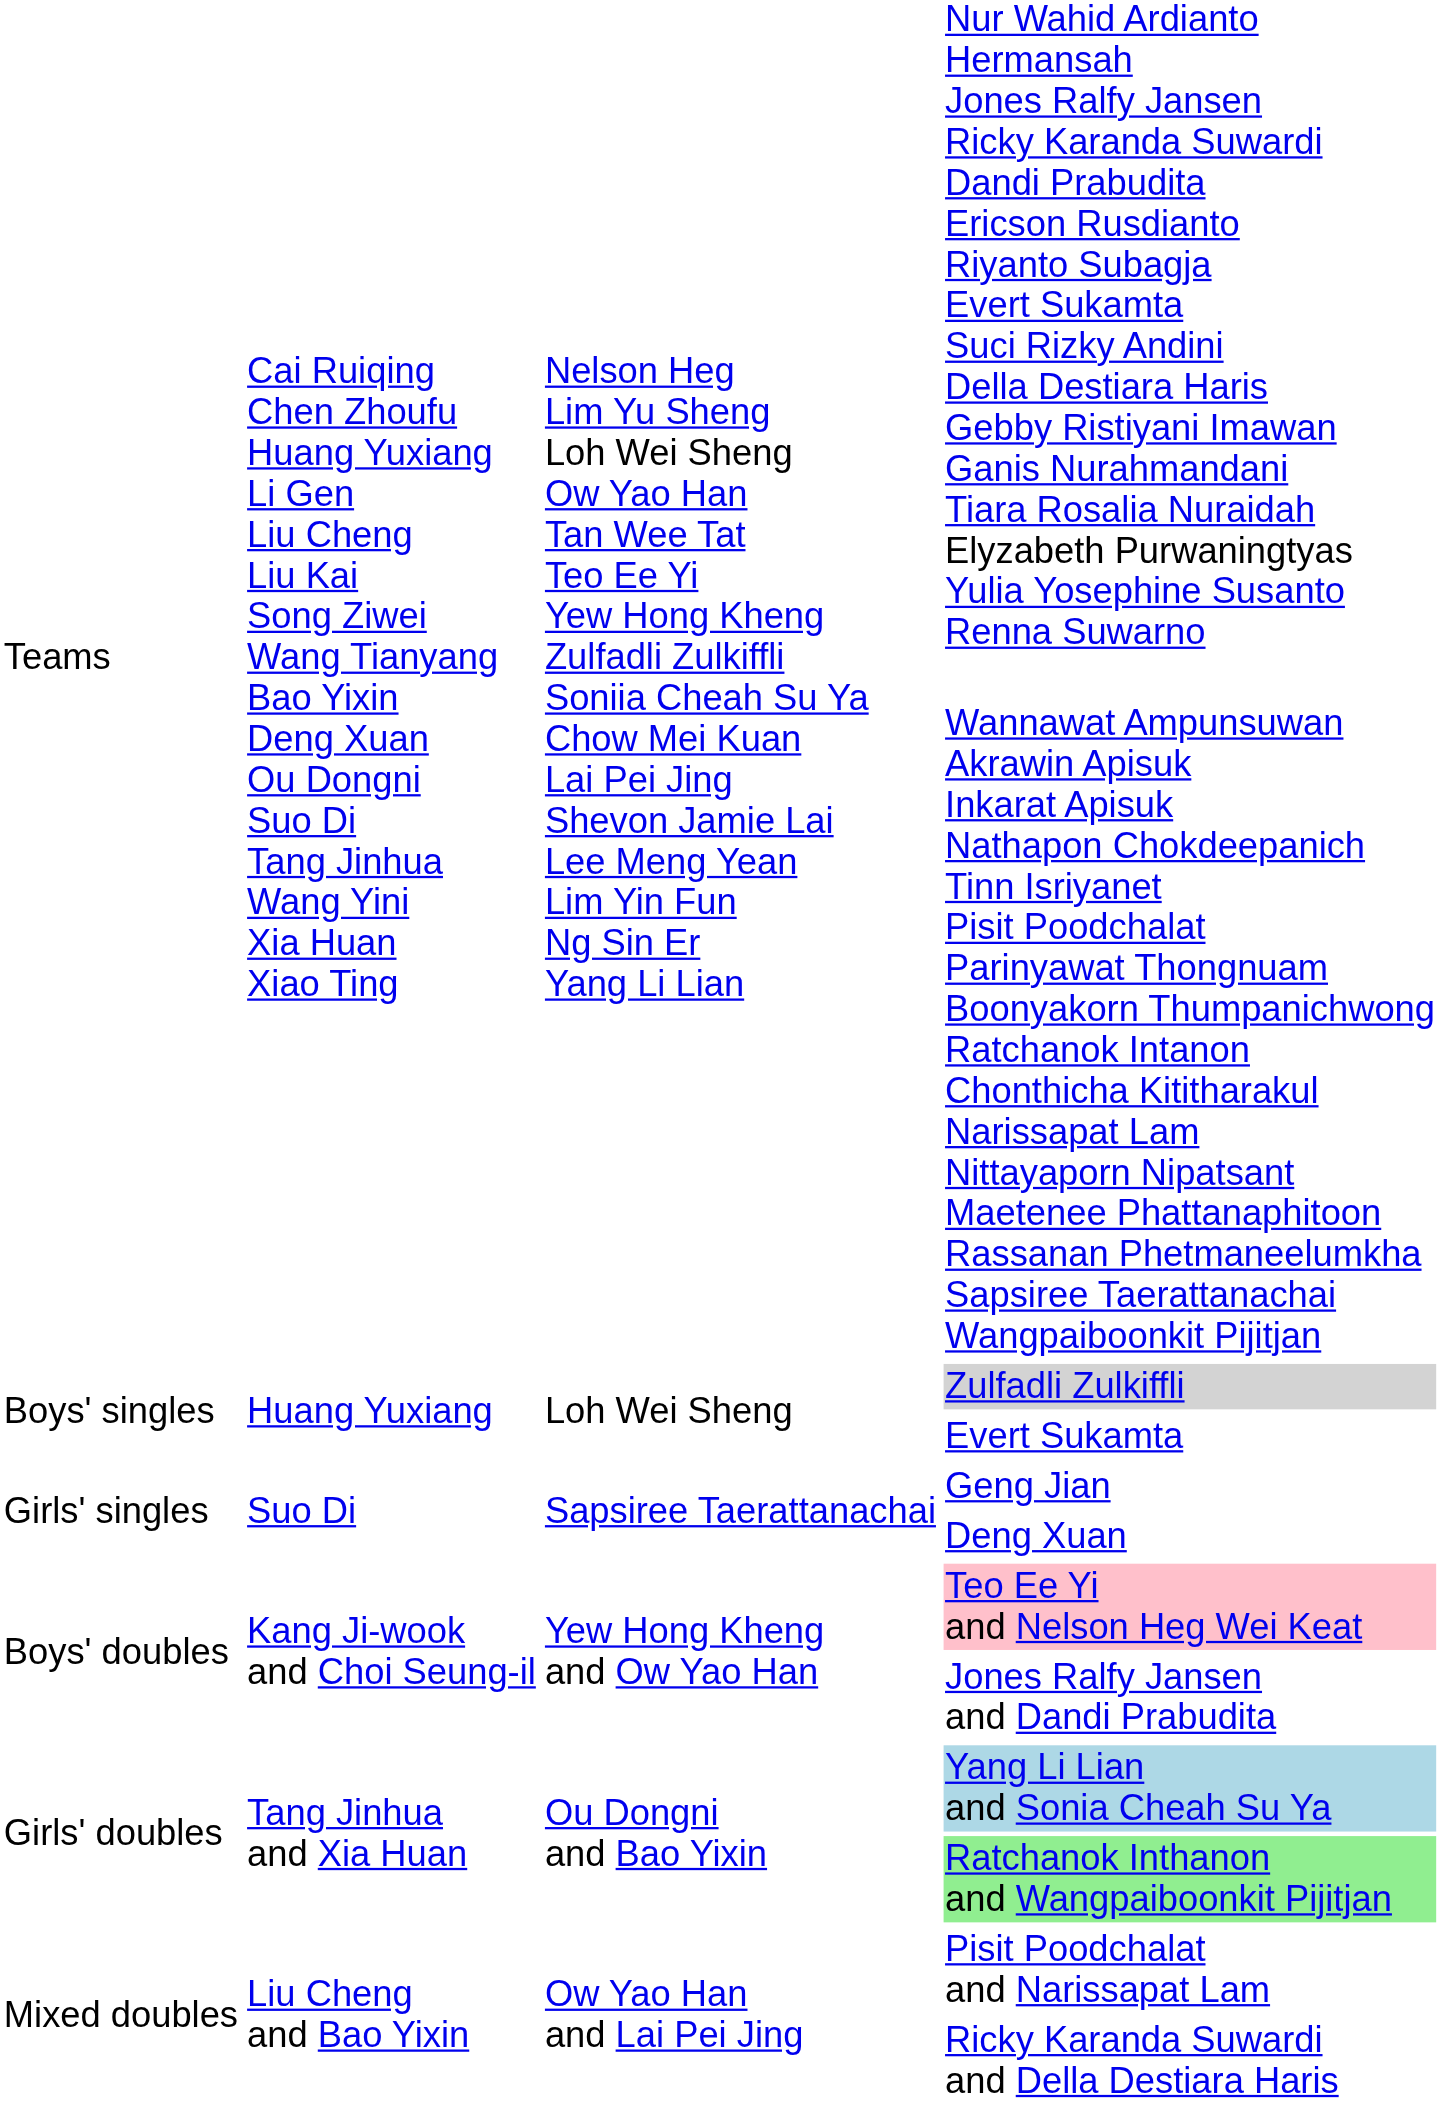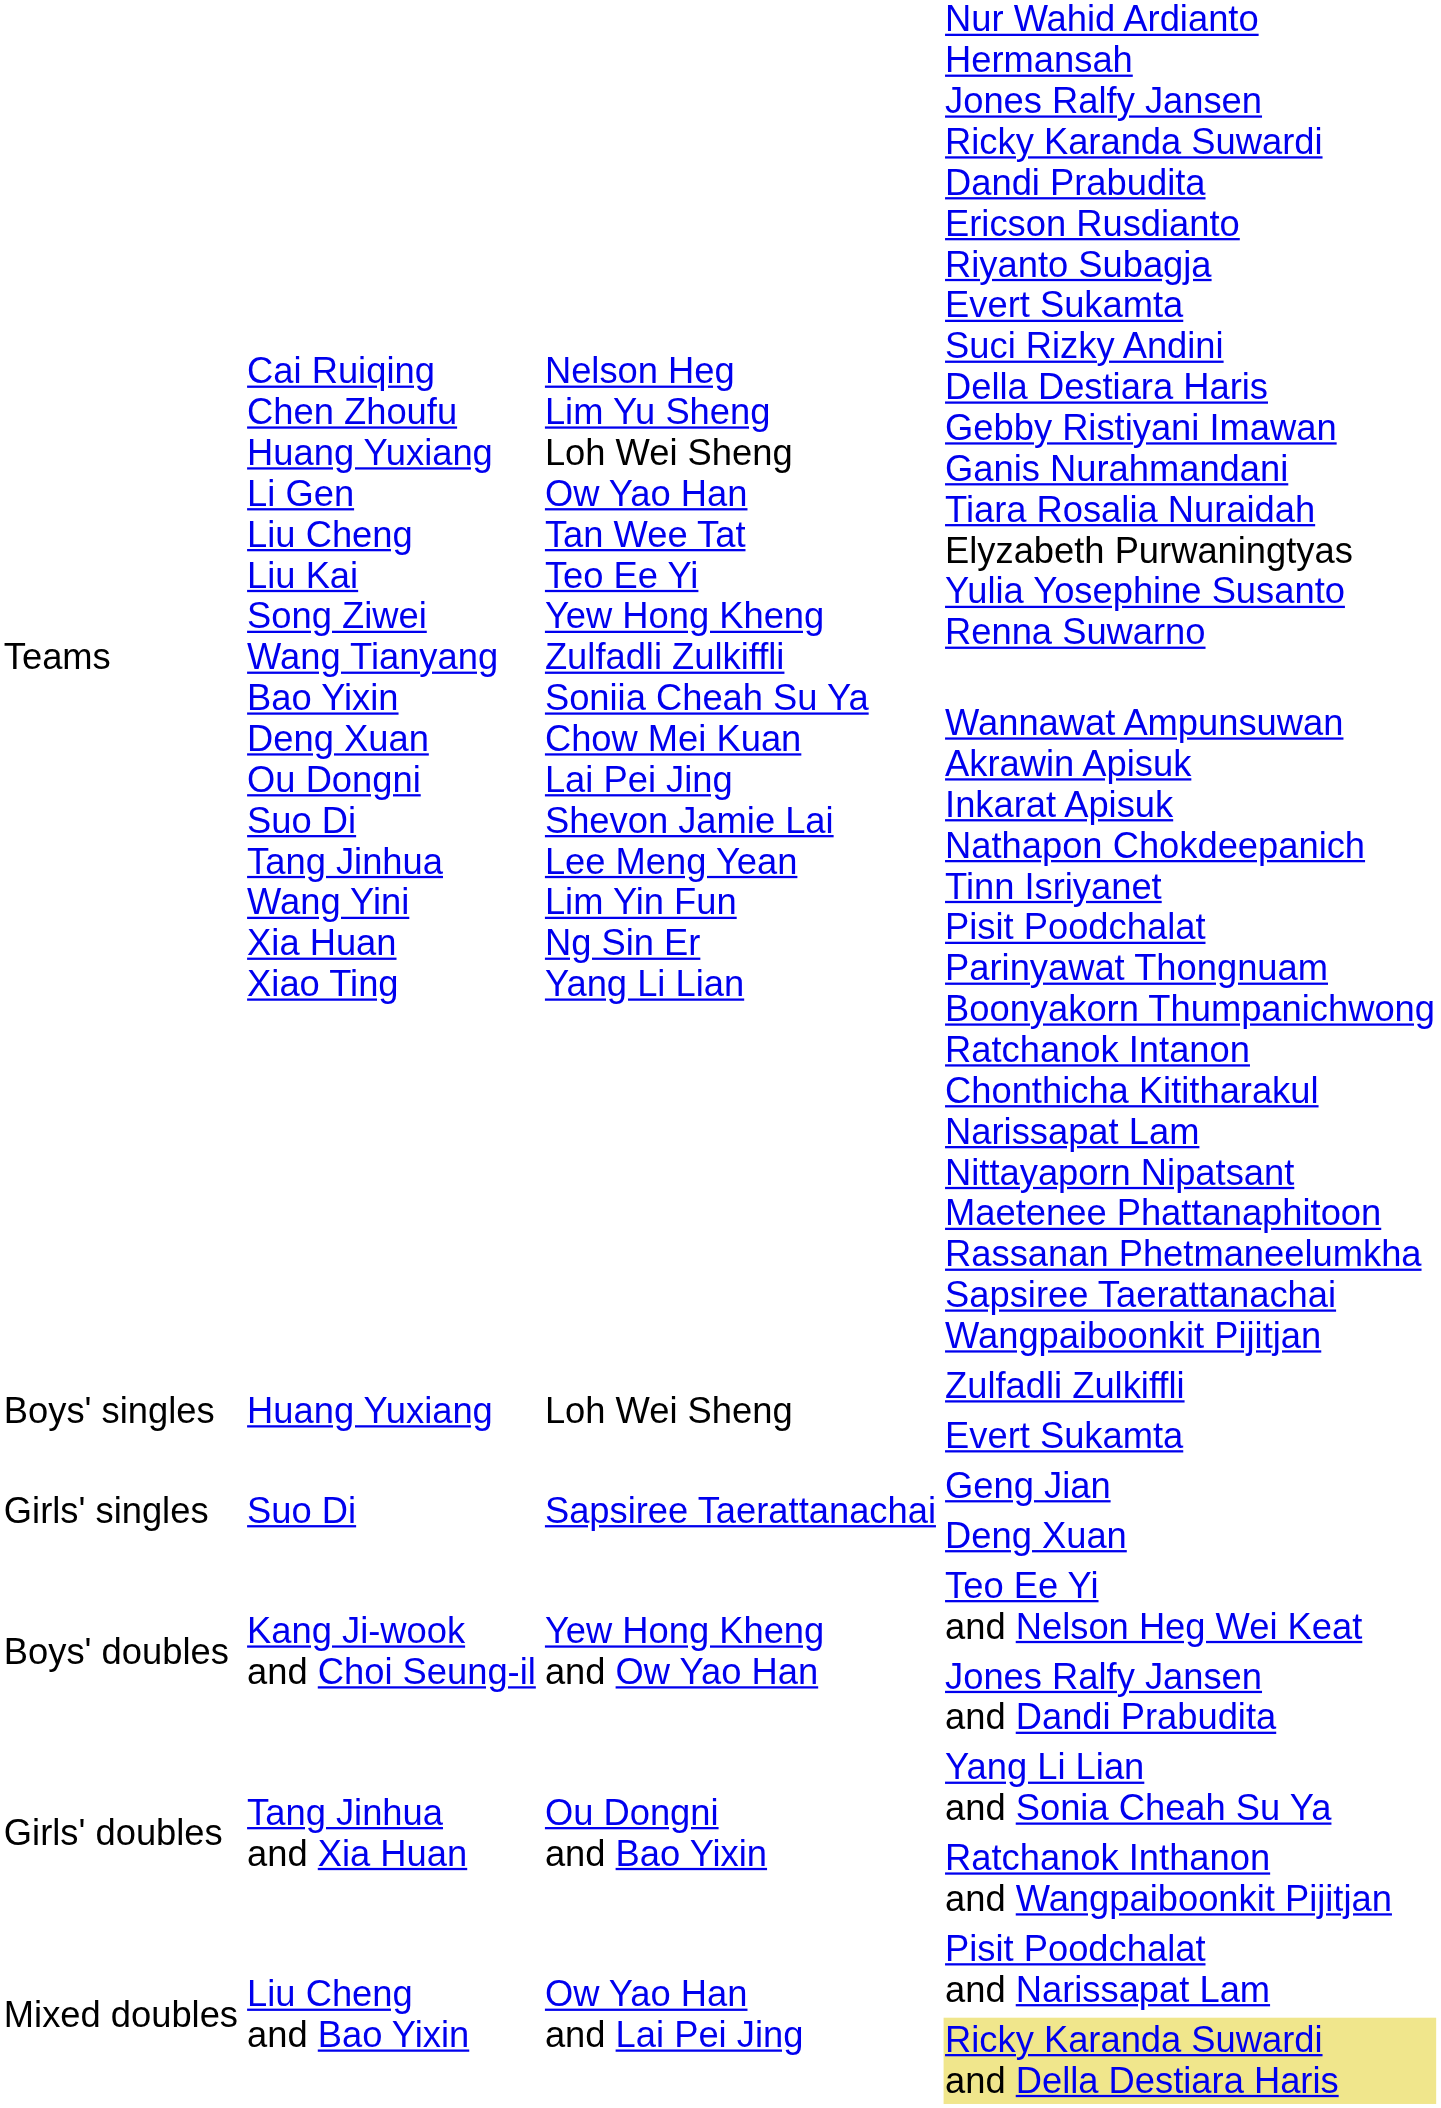 <table>
 <tr>
 <td rowspan=2>Teams</td>
 <td rowspan=2><br><a href='#'>Cai Ruiqing</a><br><a href='#'>Chen Zhoufu</a><br><a href='#'>Huang Yuxiang</a><br><a href='#'>Li Gen</a><br><a href='#'>Liu Cheng</a><br><a href='#'>Liu Kai</a><br><a href='#'>Song Ziwei</a><br><a href='#'>Wang Tianyang</a><br><a href='#'>Bao Yixin</a><br><a href='#'>Deng Xuan</a><br><a href='#'>Ou Dongni</a><br><a href='#'>Suo Di</a><br><a href='#'>Tang Jinhua</a><br><a href='#'>Wang Yini</a><br><a href='#'>Xia Huan</a><br><a href='#'>Xiao Ting</a></td>
 <td rowspan=2><br><a href='#'>Nelson Heg</a><br><a href='#'>Lim Yu Sheng</a><br>Loh Wei Sheng<br><a href='#'>Ow Yao Han</a><br><a href='#'>Tan Wee Tat</a><br><a href='#'>Teo Ee Yi</a><br><a href='#'>Yew Hong Kheng</a><br><a href='#'>Zulfadli Zulkiffli</a><br><a href='#'>Soniia Cheah Su Ya</a><br><a href='#'>Chow Mei Kuan</a><br><a href='#'>Lai Pei Jing</a><br><a href='#'>Shevon Jamie Lai</a><br><a href='#'>Lee Meng Yean</a><br><a href='#'>Lim Yin Fun</a><br><a href='#'>Ng Sin Er</a><br><a href='#'>Yang Li Lian</a></td>
 <td><br><a href='#'>Nur Wahid Ardianto</a><br><a href='#'>Hermansah</a><br><a href='#'>Jones Ralfy Jansen</a><br><a href='#'>Ricky Karanda Suwardi</a><br><a href='#'>Dandi Prabudita</a><br><a href='#'>Ericson Rusdianto</a><br><a href='#'>Riyanto Subagja</a><br><a href='#'>Evert Sukamta</a><br><a href='#'>Suci Rizky Andini</a><br><a href='#'>Della Destiara Haris</a><br><a href='#'>Gebby Ristiyani Imawan</a><br><a href='#'>Ganis Nurahmandani</a><br><a href='#'>Tiara Rosalia Nuraidah</a><br>Elyzabeth Purwaningtyas<br><a href='#'>Yulia Yosephine Susanto</a><br><a href='#'>Renna Suwarno</a></td>
 </tr>
 <tr>
 <td><br><a href='#'>Wannawat Ampunsuwan</a><br><a href='#'>Akrawin Apisuk</a><br><a href='#'>Inkarat Apisuk</a><br><a href='#'>Nathapon Chokdeepanich</a><br><a href='#'>Tinn Isriyanet</a><br><a href='#'>Pisit Poodchalat</a><br><a href='#'>Parinyawat Thongnuam</a><br><a href='#'>Boonyakorn Thumpanichwong</a><br><a href='#'>Ratchanok Intanon</a><br><a href='#'>Chonthicha Kititharakul</a><br><a href='#'>Narissapat Lam</a><br><a href='#'>Nittayaporn Nipatsant</a><br><a href='#'>Maetenee Phattanaphitoon</a><br><a href='#'>Rassanan Phetmaneelumkha</a><br><a href='#'>Sapsiree Taerattanachai</a><br><a href='#'>Wangpaiboonkit Pijitjan</a></td>
 </tr>
 <tr>
 <td rowspan=2>Boys' singles</td>
 <td rowspan=2> <a href='#'>Huang Yuxiang</a></td>
 <td rowspan=2> Loh Wei Sheng</td>
-<td style="background: lightgrey;"> <a href='#'>Zulfadli Zulkiffli</a></td>
+<td> <a href='#'>Zulfadli Zulkiffli</a></td>
 </tr>
 <tr>
 <td> <a href='#'>Evert Sukamta</a></td>
 </tr>
 <tr>
 <td rowspan=2>Girls' singles</td>
 <td rowspan=2> <a href='#'>Suo Di</a></td>
 <td rowspan=2> <a href='#'>Sapsiree Taerattanachai</a></td>
 <td> <a href='#'>Geng Jian</a></td>
 </tr>
 <tr>
 <td> <a href='#'>Deng Xuan</a></td>
 </tr>
 <tr>
 <td rowspan=2>Boys' doubles</td>
 <td rowspan=2> <a href='#'>Kang Ji-wook</a><br>and <a href='#'>Choi Seung-il</a></td>
 <td rowspan=2> <a href='#'>Yew Hong Kheng</a><br>and <a href='#'>Ow Yao Han</a></td>
-<td style="background: pink;"> <a href='#'>Teo Ee Yi</a><br>and <a href='#'>Nelson Heg Wei Keat</a></td>
+<td> <a href='#'>Teo Ee Yi</a><br>and <a href='#'>Nelson Heg Wei Keat</a></td>
 </tr>
 <tr>
 <td> <a href='#'>Jones Ralfy Jansen</a><br>and <a href='#'>Dandi Prabudita</a></td>
 </tr>
 <tr>
 <td rowspan=2>Girls' doubles</td>
 <td rowspan=2> <a href='#'>Tang Jinhua</a><br>and <a href='#'>Xia Huan</a></td>
 <td rowspan=2> <a href='#'>Ou Dongni</a><br>and <a href='#'>Bao Yixin</a></td>
-<td style="background: lightblue;"> <a href='#'>Yang Li Lian</a><br>and <a href='#'>Sonia Cheah Su Ya</a></td>
+<td> <a href='#'>Yang Li Lian</a><br>and <a href='#'>Sonia Cheah Su Ya</a></td>
 </tr>
 <tr>
-<td style="background: lightgreen;"> <a href='#'>Ratchanok Inthanon</a><br>and <a href='#'>Wangpaiboonkit Pijitjan</a></td>
+<td> <a href='#'>Ratchanok Inthanon</a><br>and <a href='#'>Wangpaiboonkit Pijitjan</a></td>
 </tr>
 <tr>
 <td rowspan=2>Mixed doubles</td>
 <td rowspan=2> <a href='#'>Liu Cheng</a><br>and <a href='#'>Bao Yixin</a></td>
 <td rowspan=2> <a href='#'>Ow Yao Han</a><br>and <a href='#'>Lai Pei Jing</a></td>
 <td> <a href='#'>Pisit Poodchalat</a><br>and <a href='#'>Narissapat Lam</a></td>
 </tr>
 <tr>
-<td> <a href='#'>Ricky Karanda Suwardi</a><br>and <a href='#'>Della Destiara Haris</a></td>
+<td style="background: khaki;"> <a href='#'>Ricky Karanda Suwardi</a><br>and <a href='#'>Della Destiara Haris</a></td>
 </tr>
 </table>
